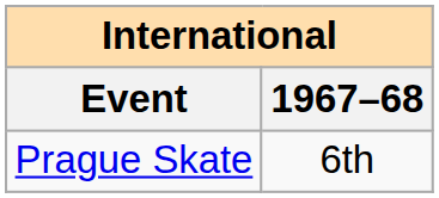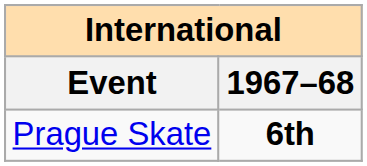 <table class="wikitable" style="text-align:center">
 <tr>
 <th style="background-color: #ffdead; " colspan=2 align=center>International</th>
 </tr>
 <tr>
 <th>Event</th>
 <th>1967–68</th>
 </tr>
 <tr>
 <td align=left><a href='#'>Prague Skate</a></td>
-<td>6th</td>
+<td><strong>6th</strong></td>
 </tr>
 </table>
